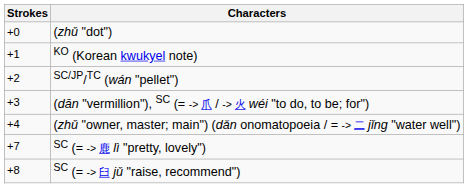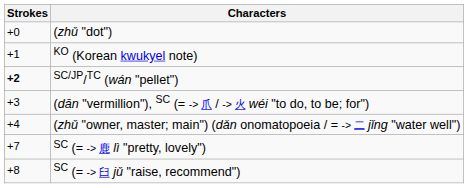 <table class="wikitable">
 <tr>
 <th>Strokes</th>
 <th>Characters</th>
 </tr>
 <tr --->
 <td>+0</td>
 <td style="font-size: large;"> (<em>zhǔ</em> "dot")</td>
 </tr>
 <tr --->
 <td>+1</td>
 <td style="font-size: large;"><sup>KO</sup> (Korean <a href='#'>kwukyel</a> note)</td>
 </tr>
 <tr --->
-<td>+2</td>
+<td><strong>+2</strong></td>
 <td style="font-size: large;"><sup>SC/JP</sup>/<sup>TC</sup> (<em>wán</em> "pellet")</td>
 </tr>
 <tr --->
 <td>+3</td>
 <td style="font-size: large;"> (<em>dān</em> "vermillion"), <sup>SC</sup> (= <small>-> <a href='#'>爪</a></small> /  <small>-> <a href='#'>火</a></small> <em>wéi</em> "to do, to be; for")</td>
 </tr>
 <tr --->
 <td>+4</td>
 <td style="font-size: large;"> (<em>zhǔ</em>  "owner, master; main")  (<em>dǎn</em> onomatopoeia / = <small>-> <a href='#'>二</a></small> <em>jǐng</em> "water well")</td>
 </tr>
 <tr --->
 <td>+7</td>
 <td style="font-size: large;"><sup>SC</sup> (= <small>-> <a href='#'>鹿</a></small> <em>lì</em>  "pretty, lovely")</td>
 </tr>
 <tr --->
 <td>+8</td>
 <td style="font-size: large;"><sup>SC</sup> (= <small>-> <a href='#'>臼</a></small> <em>jǔ</em> "raise, recommend")</td>
 </tr>
 </table>
